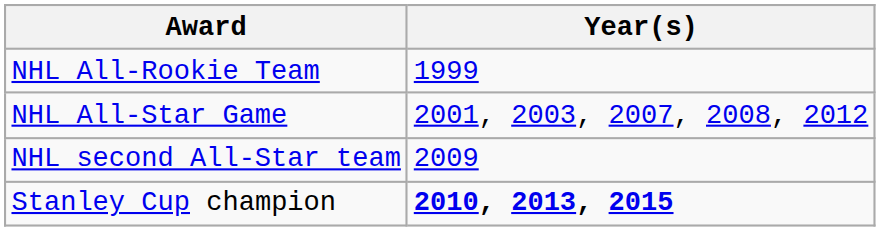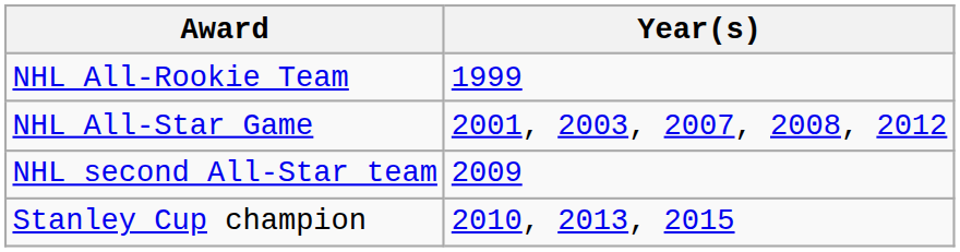 <table class="wikitable">
 <tr>
 <th>Award</th>
 <th>Year(s)</th>
 </tr>
 <tr>
 <td><a href='#'>NHL All-Rookie Team</a></td>
 <td><a href='#'>1999</a></td>
 </tr>
 <tr>
 <td><a href='#'>NHL All-Star Game</a></td>
 <td><a href='#'>2001</a>, <a href='#'>2003</a>, <a href='#'>2007</a>, <a href='#'>2008</a>, <a href='#'>2012</a></td>
 </tr>
 <tr>
 <td><a href='#'>NHL second All-Star team</a></td>
 <td><a href='#'>2009</a></td>
 </tr>
 <tr>
 <td><a href='#'>Stanley Cup</a> champion</td>
-<td><strong><a href='#'>2010</a>, <a href='#'>2013</a>, <a href='#'>2015</a></strong></td>
+<td><a href='#'>2010</a>, <a href='#'>2013</a>, <a href='#'>2015</a></td>
 </tr>
 </table>
